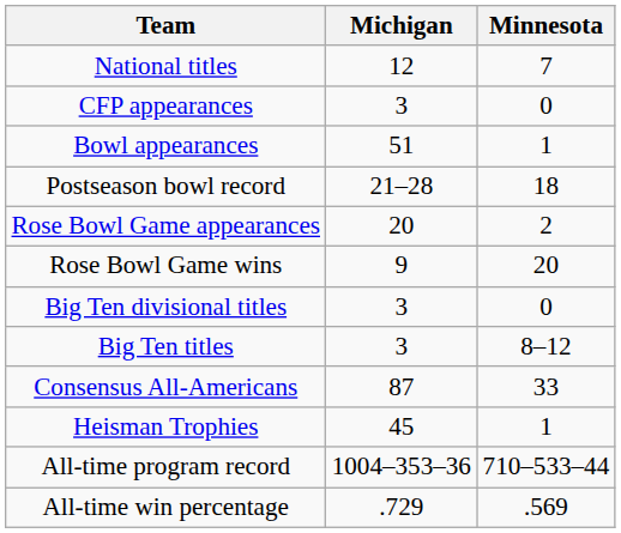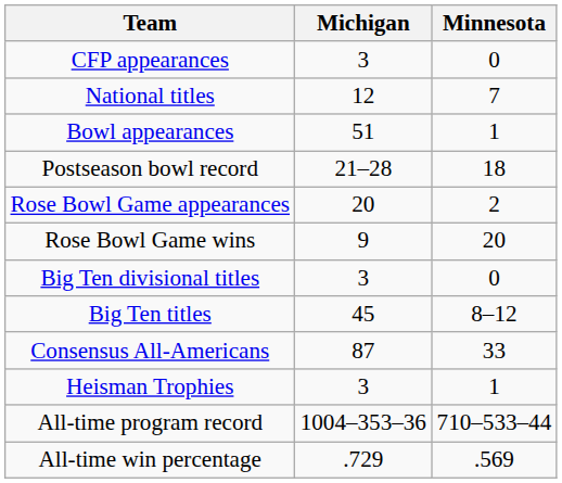 <table class="wikitable" style="text-align:center;">
 <tr>
 <th>Team</th>
 <th>Michigan</th>
 <th>Minnesota</th>
 </tr>
 <tr>
+<td><a href='#'>CFP appearances</a></td>
+<td>3</td>
+<td>0</td>
+</tr>
+<tr>
 <td><a href='#'>National titles</a></td>
 <td>12</td>
 <td>7</td>
-</tr>
-<tr>
-<td><a href='#'>CFP appearances</a></td>
-<td>3</td>
-<td>0</td>
 </tr>
 <tr>
 <td><a href='#'>Bowl appearances</a></td>
 <td>51</td>
 <td>1</td>
 </tr>
 <tr>
 <td>Postseason bowl record</td>
 <td>21–28</td>
 <td>18</td>
 </tr>
 <tr>
 <td><a href='#'>Rose Bowl Game appearances</a></td>
 <td>20</td>
 <td>2</td>
 </tr>
 <tr>
 <td>Rose Bowl Game wins</td>
 <td>9</td>
 <td>20</td>
 </tr>
 <tr>
 <td><a href='#'>Big Ten divisional titles</a></td>
 <td>3</td>
 <td>0</td>
 </tr>
 <tr>
 <td><a href='#'>Big Ten titles</a></td>
-<td>3</td>
+<td>45</td>
 <td>8–12</td>
 </tr>
 <tr>
 <td><a href='#'>Consensus All-Americans</a></td>
 <td>87</td>
 <td>33</td>
 </tr>
 <tr>
 <td><a href='#'>Heisman Trophies</a></td>
-<td>45</td>
+<td>3</td>
 <td>1</td>
 </tr>
 <tr>
 <td>All-time program record</td>
 <td>1004–353–36</td>
 <td>710–533–44</td>
 </tr>
 <tr>
 <td>All-time win percentage</td>
 <td>.729</td>
 <td>.569</td>
 </tr>
 </table>
